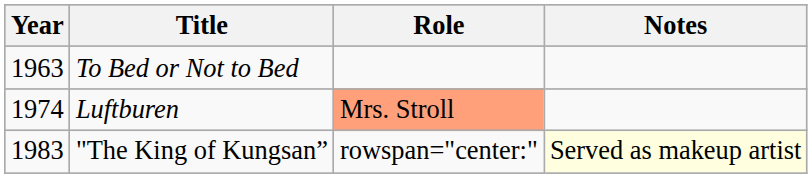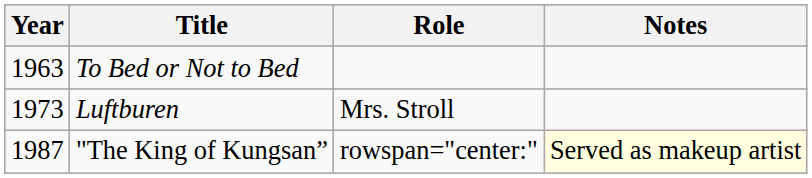 <table class="wikitable sortable">
 <tr>
 <th>Year</th>
 <th>Title</th>
 <th>Role</th>
 <th class="unsortable">Notes</th>
 </tr>
 <tr>
 <td>1963</td>
 <td><em>To Bed or Not to Bed</em></td>
 <td></td>
 <td></td>
 </tr>
 <tr>
-<td>1974</td>
+<td>1973</td>
 <td><em>Luftburen</em></td>
-<td style="background: lightsalmon;">Mrs. Stroll</td>
+<td>Mrs. Stroll</td>
 <td></td>
 </tr>
 <tr>
-<td>1983</td>
+<td>1987</td>
 <td>"The King of Kungsan”</td>
 <td>rowspan="center:" </td>
 <td style="background: lightyellow;">Served as makeup artist</td>
 </tr>
 </table>
